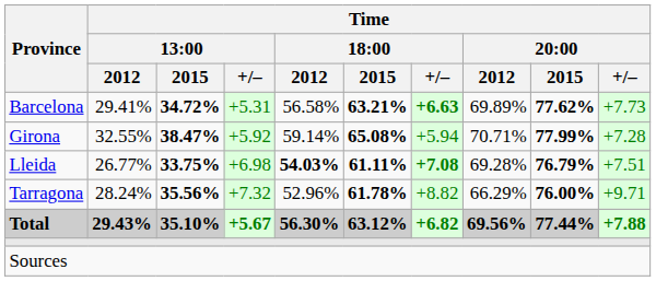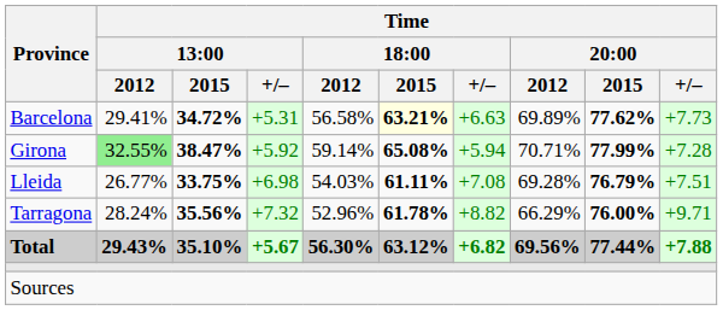 <table class="wikitable sortable" style="text-align:right;">
 <tr>
 <th rowspan="3">Province</th>
 <th colspan="9">Time</th>
 </tr>
 <tr>
 <th colspan="3">13:00</th>
 <th colspan="3">18:00</th>
 <th colspan="3">20:00</th>
 </tr>
 <tr>
 <th>2012</th>
 <th>2015</th>
 <th>+/–</th>
 <th>2012</th>
 <th>2015</th>
 <th>+/–</th>
 <th>2012</th>
 <th>2015</th>
 <th>+/–</th>
 </tr>
 <tr>
 <td align="left"><a href='#'>Barcelona</a></td>
 <td>29.41%</td>
 <td><strong>34.72%</strong></td>
 <td style="background:#DDFFDD; color:green;">+5.31</td>
 <td>56.58%</td>
-<td><strong>63.21%</strong></td>
-<td style="background:#DDFFDD; color:green;"><strong>+6.63</strong></td>
+<td style="background: lightyellow;"><strong>63.21%</strong></td>
+<td style="background:#DDFFDD; color:green;">+6.63</td>
 <td>69.89%</td>
 <td><strong>77.62%</strong></td>
 <td style="background:#DDFFDD; color:green;">+7.73</td>
 </tr>
 <tr>
 <td align="left"><a href='#'>Girona</a></td>
-<td>32.55%</td>
+<td style="background: lightgreen;">32.55%</td>
 <td><strong>38.47%</strong></td>
 <td style="background:#DDFFDD; color:green;">+5.92</td>
 <td>59.14%</td>
 <td><strong>65.08%</strong></td>
 <td style="background:#DDFFDD; color:green;">+5.94</td>
 <td>70.71%</td>
 <td><strong>77.99%</strong></td>
 <td style="background:#DDFFDD; color:green;">+7.28</td>
 </tr>
 <tr>
 <td align="left"><a href='#'>Lleida</a></td>
 <td>26.77%</td>
 <td><strong>33.75%</strong></td>
 <td style="background:#DDFFDD; color:green;">+6.98</td>
-<td><strong>54.03%</strong></td>
+<td>54.03%</td>
 <td><strong>61.11%</strong></td>
-<td style="background:#DDFFDD; color:green;"><strong>+7.08</strong></td>
+<td style="background:#DDFFDD; color:green;">+7.08</td>
 <td>69.28%</td>
 <td><strong>76.79%</strong></td>
 <td style="background:#DDFFDD; color:green;">+7.51</td>
 </tr>
 <tr>
 <td align="left"><a href='#'>Tarragona</a></td>
 <td>28.24%</td>
 <td><strong>35.56%</strong></td>
 <td style="background:#DDFFDD; color:green;">+7.32</td>
 <td>52.96%</td>
 <td><strong>61.78%</strong></td>
 <td style="background:#DDFFDD; color:green;">+8.82</td>
 <td>66.29%</td>
 <td><strong>76.00%</strong></td>
 <td style="background:#DDFFDD; color:green;">+9.71</td>
 </tr>
 <tr style="background:#CDCDCD;">
 <td align="left"><strong>Total</strong></td>
 <td><strong>29.43%</strong></td>
 <td><strong>35.10%</strong></td>
 <td style="background:#DDFFDD; color:green;"><strong>+5.67</strong></td>
 <td><strong>56.30%</strong></td>
 <td><strong>63.12%</strong></td>
 <td style="background:#DDFFDD; color:green;"><strong>+6.82</strong></td>
 <td><strong>69.56%</strong></td>
 <td><strong>77.44%</strong></td>
 <td style="background:#DDFFDD; color:green;"><strong>+7.88</strong></td>
 </tr>
 <tr>
 <td colspan="10" bgcolor="#E9E9E9"></td>
 </tr>
 <tr>
 <td align="left" colspan="10">Sources</td>
 </tr>
 </table>
